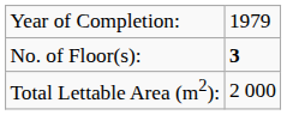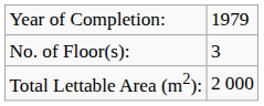 <table class="wikitable">
 <tr>
 <td>Year of Completion:</td>
 <td>1979</td>
 </tr>
 <tr>
 <td>No. of Floor(s):</td>
-<td><strong>3</strong></td>
+<td>3</td>
 </tr>
 <tr>
 <td>Total Lettable Area (m<sup>2</sup>):</td>
 <td>2 000</td>
 </tr>
 </table>
